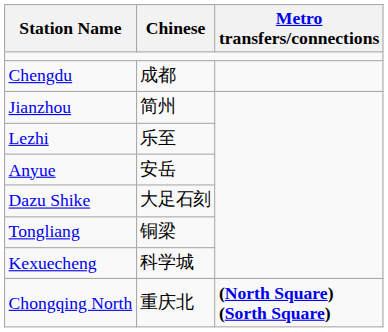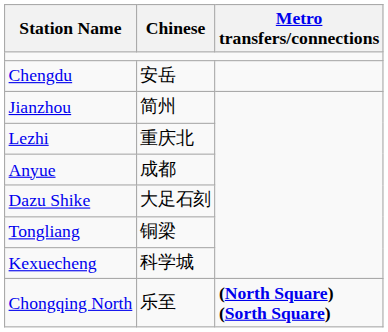 <table class="wikitable">
 <tr>
 <th>Station Name</th>
 <th>Chinese<br></th>
 <th><a href='#'>Metro</a><br>transfers/connections<br> </th>
 </tr>
 <tr style="background:#">
 <td colspan = "11"></td>
 </tr>
 <tr>
 <td><a href='#'>Chengdu</a></td>
-<td>成都</td>
+<td>安岳</td>
 <td>  </td>
 </tr>
 <tr>
 <td><a href='#'>Jianzhou</a></td>
 <td>简州</td>
 </tr>
 <tr>
 <td><a href='#'>Lezhi</a></td>
-<td>乐至</td>
+<td>重庆北</td>
 </tr>
 <tr>
 <td><a href='#'>Anyue</a></td>
-<td>安岳</td>
+<td>成都</td>
 </tr>
 <tr>
 <td><a href='#'>Dazu Shike</a></td>
 <td>大足石刻</td>
 </tr>
 <tr>
 <td><a href='#'>Tongliang</a></td>
 <td>铜梁</td>
 </tr>
 <tr>
 <td><a href='#'>Kexuecheng</a></td>
 <td>科学城</td>
 </tr>
 <tr>
 <td><a href='#'>Chongqing North</a></td>
-<td>重庆北</td>
+<td>乐至</td>
 <td><strong>  (<a href='#'>North Square</a>)<br>    (<a href='#'>Sorth Square</a>)<br></strong></td>
 </tr>
 </table>
